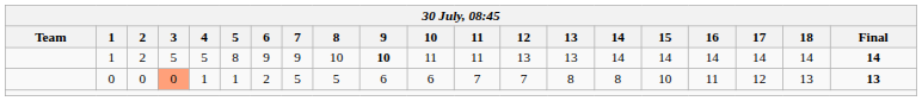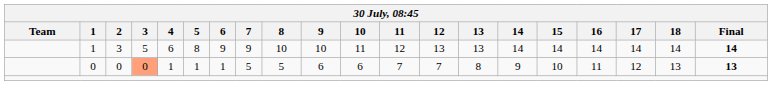 <table class=wikitable style="text-align:center; width: 55%">
 <tr>
 <th colspan=20><em>30 July, 08:45</em></th>
 </tr>
 <tr>
 <th>Team</th>
 <th>1</th>
 <th>2</th>
 <th>3</th>
 <th>4</th>
 <th>5</th>
 <th>6</th>
 <th>7</th>
 <th>8</th>
 <th>9</th>
 <th>10</th>
 <th>11</th>
 <th>12</th>
 <th>13</th>
 <th>14</th>
 <th>15</th>
 <th>16</th>
 <th>17</th>
 <th>18</th>
 <th>Final</th>
 </tr>
 <tr>
 <td align=left><strong></strong></td>
 <td>1</td>
-<td>2</td>
+<td>3</td>
 <td>5</td>
-<td>5</td>
+<td>6</td>
 <td>8</td>
 <td>9</td>
 <td>9</td>
 <td>10</td>
-<td><strong>10</strong></td>
+<td>10</td>
 <td>11</td>
-<td>11</td>
+<td>12</td>
 <td>13</td>
 <td>13</td>
 <td>14</td>
 <td>14</td>
 <td>14</td>
 <td>14</td>
 <td>14</td>
 <td><strong>14</strong></td>
 </tr>
 <tr>
 <td align=left></td>
 <td>0</td>
 <td>0</td>
 <td style="background: lightsalmon;">0</td>
 <td>1</td>
 <td>1</td>
-<td>2</td>
+<td>1</td>
 <td>5</td>
 <td>5</td>
 <td>6</td>
 <td>6</td>
 <td>7</td>
 <td>7</td>
 <td>8</td>
-<td>8</td>
+<td>9</td>
 <td>10</td>
 <td>11</td>
 <td>12</td>
 <td>13</td>
 <td><strong>13</strong></td>
 </tr>
 <tr>
 <td colspan=20></td>
 </tr>
 </table>
